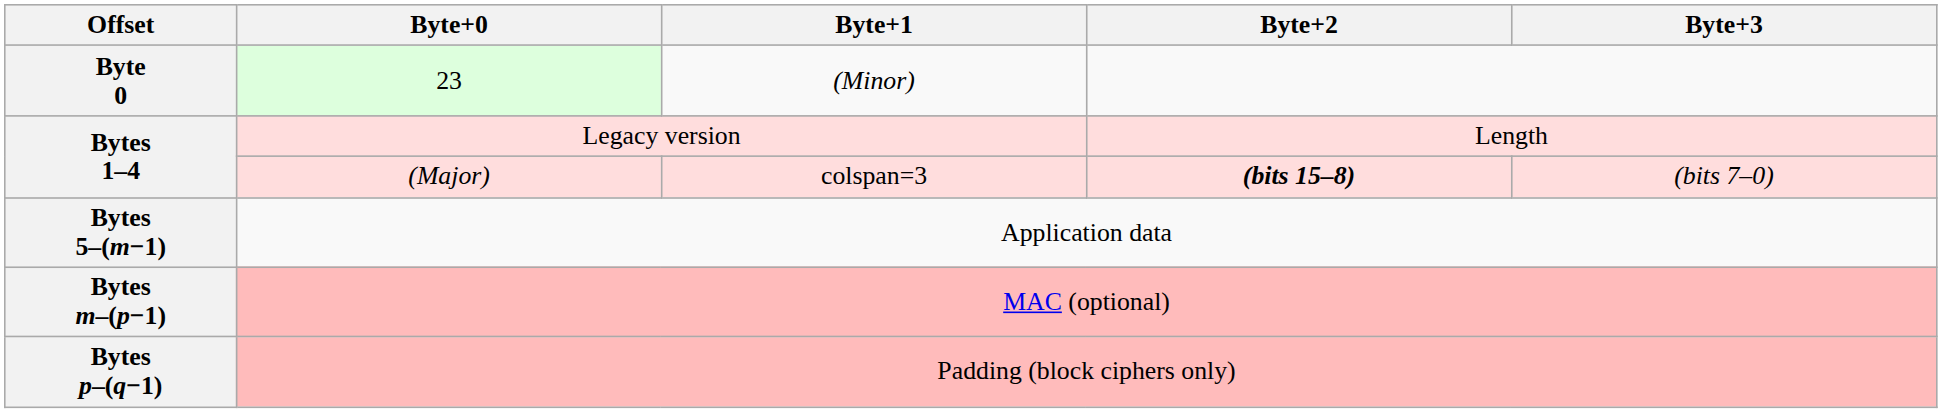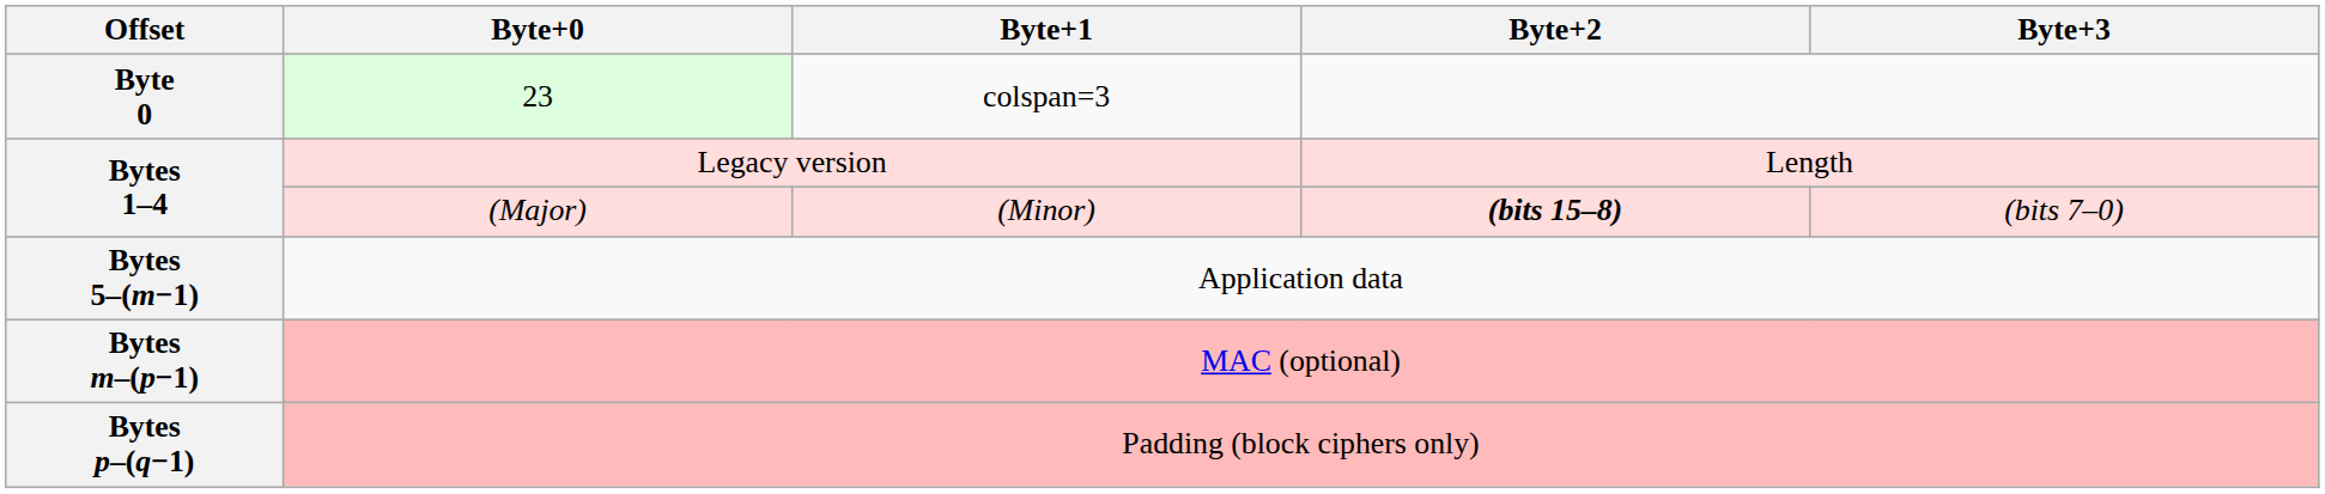 <table class="wikitable"style=width:95%;text-align:center>
 <tr>
 <th scope=col>Offset</th>
 <th scope=col style=width:22%>Byte+0</th>
 <th scope=col style=width:22%>Byte+1</th>
 <th scope=col style=width:22%>Byte+2</th>
 <th scope=col style=width:22%>Byte+3</th>
 </tr>
 <tr>
 <th scope=row>Byte<br>0</th>
 <td style=background:#dfd>23</td>
-<td><em>(Minor)</em></td>
+<td>colspan=3</td>
 </tr>
 <tr>
 <th scope=row rowspan=2>Bytes<br>1–4</th>
 <td colspan=2 style=background:#fdd>Legacy version</td>
 <td colspan=2 style=background:#fdd>Length</td>
 </tr>
 <tr style=background:#fdd>
 <td><em>(Major)</em></td>
-<td>colspan=3</td>
+<td><em>(Minor)</em></td>
 <td><strong><em>(bits 15–8)</em></strong></td>
 <td><em>(bits 7–0)</em></td>
 </tr>
 <tr>
 <th>Bytes<br>5–(<em>m</em>−1)</th>
 <td colspan=4>Application data</td>
 </tr>
 <tr>
 <th>Bytes<br><em>m</em>–(<em>p</em>−1)</th>
 <td colspan=4 style=background:#fbb><a href='#'>MAC</a> (optional)</td>
 </tr>
 <tr>
 <th>Bytes<br><em>p</em>–(<em>q</em>−1)</th>
 <td colspan=4 style=background:#fbb>Padding (block ciphers only)</td>
 </tr>
 </table>
